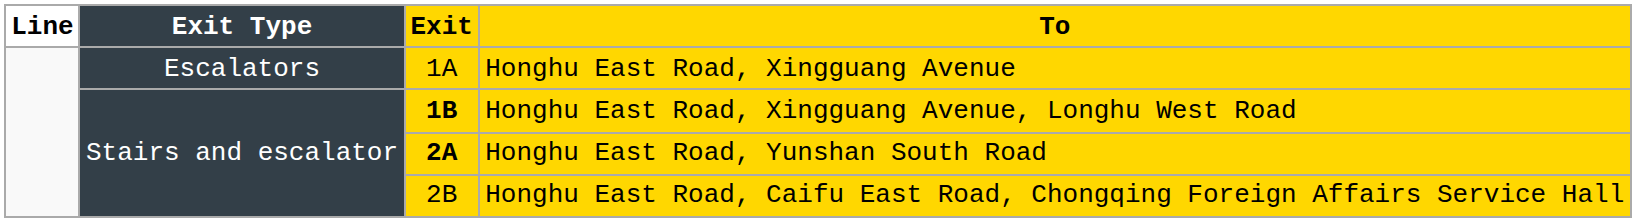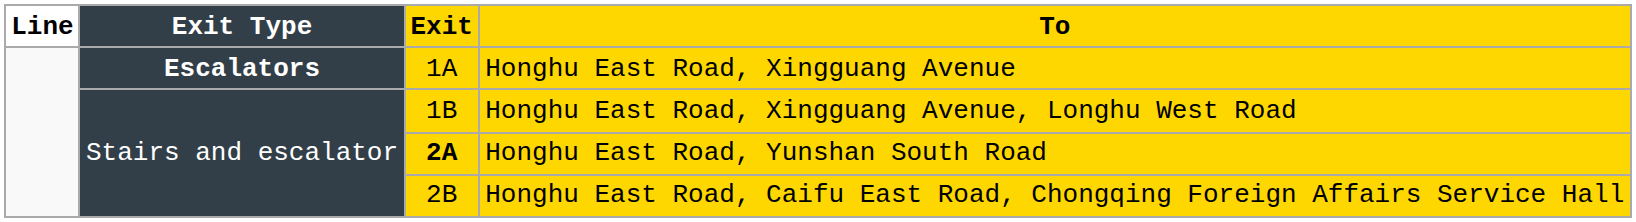 <table class="wikitable">
 <tr>
 <th style="width:70ppx; colspan:2; background:#ffffff; text-align:center;">Line</th>
 <th style="width:70ppx; colspan:2; background:#333f48; text-align:center; color:white;">Exit Type</th>
 <th style="background:#ffd700; color:black; text-align:center;">Exit</th>
 <th style="background:#ffd700; color:black; text-align:center;">To</th>
 </tr>
 <tr>
 <td rowspan=4> </td>
-<td rowspan=1 style="width:70ppx; colspan:2; background:#333f48; text-align:center; color:white;">Escalators</td>
+<td rowspan=1 style="width:70ppx; colspan:2; background:#333f48; text-align:center; color:white;"><strong>Escalators</strong></td>
 <td style="background:#ffd700; color:black; text-align:center;">1A</td>
 <td style="background:#ffd700; color:black;">Honghu East Road, Xingguang Avenue</td>
 </tr>
 <tr>
 <td rowspan=3 style="width:70ppx; colspan:2; background:#333f48; text-align:center; color:white;">Stairs and escalator</td>
-<td style="background:#ffd700; color:black; text-align:center;"><strong>1B</strong></td>
+<td style="background:#ffd700; color:black; text-align:center;">1B</td>
 <td style="background:#ffd700; color:black;">Honghu East Road, Xingguang Avenue, Longhu West Road</td>
 </tr>
 <tr>
 <td style="background:#ffd700; color:black; text-align:center;"><strong>2A</strong></td>
 <td style="background:#ffd700; color:black;">Honghu East Road, Yunshan South Road</td>
 </tr>
 <tr>
 <td style="background:#ffd700; color:black; text-align:center;">2B</td>
 <td style="background:#ffd700; color:black;">Honghu East Road, Caifu East Road, Chongqing Foreign Affairs Service Hall</td>
 </tr>
 </table>
